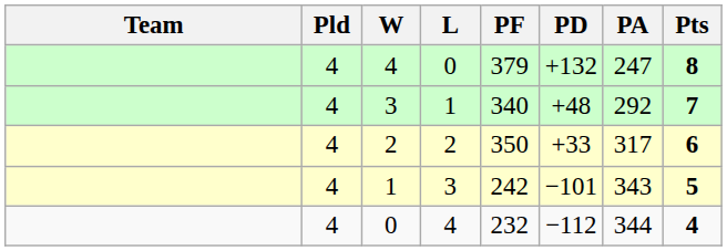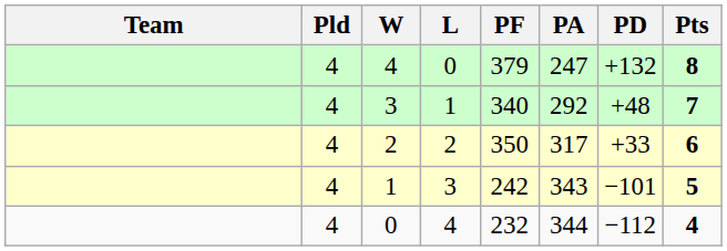 <table class=wikitable style="text-align:center">
 <tr>
 <th width=180>Team</th>
 <th width=30>Pld</th>
 <th width=30>W</th>
 <th width=30>L</th>
 <th width=30>PF</th>
+<th width=30>PA</th>
 <th width=30>PD</th>
-<th width=30>PA</th>
 <th width=30>Pts</th>
 </tr>
 <tr bgcolor="#ccffcc">
 <td align="left"></td>
 <td>4</td>
 <td>4</td>
 <td>0</td>
 <td>379</td>
+<td>247</td>
 <td>+132</td>
-<td>247</td>
 <td><strong>8</strong></td>
 </tr>
 <tr bgcolor="#ccffcc">
 <td align="left"></td>
 <td>4</td>
 <td>3</td>
 <td>1</td>
 <td>340</td>
+<td>292</td>
 <td>+48</td>
-<td>292</td>
 <td><strong>7</strong></td>
 </tr>
 <tr bgcolor="ffffcc">
 <td align="left"></td>
 <td>4</td>
 <td>2</td>
 <td>2</td>
 <td>350</td>
+<td>317</td>
 <td>+33</td>
-<td>317</td>
 <td><strong>6</strong></td>
 </tr>
 <tr bgcolor="ffffcc">
 <td align="left"></td>
 <td>4</td>
 <td>1</td>
 <td>3</td>
 <td>242</td>
+<td>343</td>
 <td>−101</td>
-<td>343</td>
 <td><strong>5</strong></td>
 </tr>
 <tr>
 <td align="left"></td>
 <td>4</td>
 <td>0</td>
 <td>4</td>
 <td>232</td>
+<td>344</td>
 <td>−112</td>
-<td>344</td>
 <td><strong>4</strong></td>
 </tr>
 </table>
